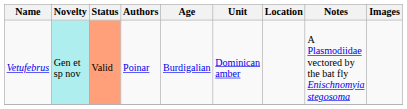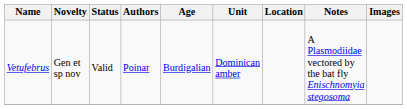 <table class="wikitable sortable" align="center" width="70%">
 <tr>
 <th>Name</th>
 <th>Novelty</th>
 <th>Status</th>
 <th>Authors</th>
 <th>Age</th>
 <th>Unit</th>
 <th>Location</th>
 <th>Notes</th>
 <th>Images</th>
 </tr>
 <tr>
 <td><br><em><a href='#'>Vetufebrus</a></em></td>
-<td style="background: paleturquoise;"><br>Gen et sp nov</td>
-<td style="background: lightsalmon;"><br>Valid</td>
+<td><br>Gen et sp nov</td>
+<td><br>Valid</td>
 <td><br><a href='#'>Poinar</a></td>
 <td><br><a href='#'>Burdigalian</a></td>
 <td><br><a href='#'>Dominican amber</a></td>
 <td><br></td>
 <td><br>A <a href='#'>Plasmodiidae</a> vectored by the bat fly <em><a href='#'>Enischnomyia stegosoma</a></em></td>
 <td><br></td>
 </tr>
 <tr>
 </tr>
 </table>
